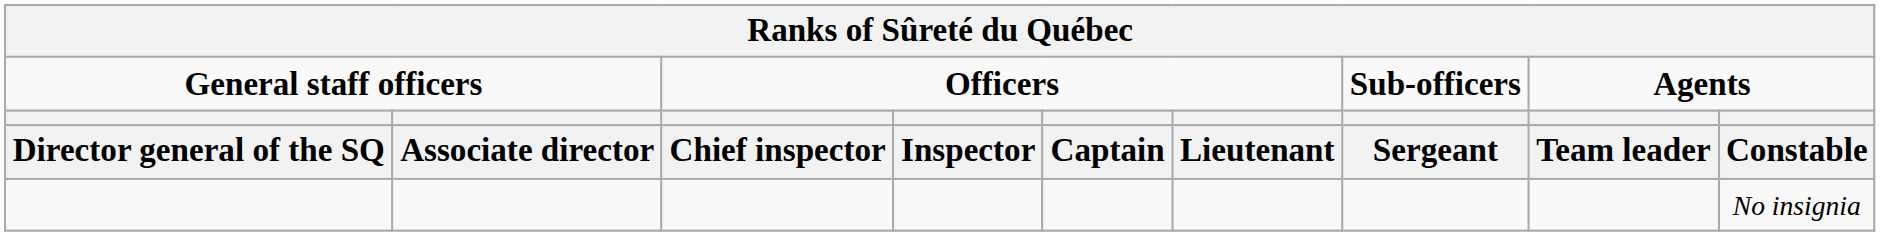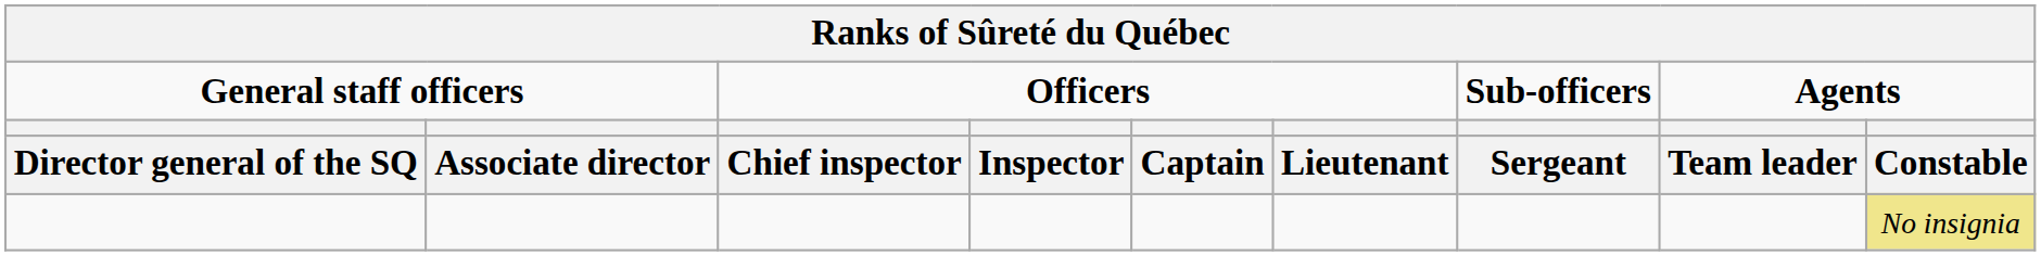 <table class="wikitable">
 <tr>
 <th colspan="9">Ranks of Sûreté du Québec</th>
 </tr>
 <tr>
 <td colspan=2 style="text-align:center;"><strong>General staff officers</strong></td>
 <td colspan=4 style="text-align:center;"><strong>Officers</strong></td>
 <td><strong>Sub-officers</strong></td>
 <td colspan=2 style="text-align:center;"><strong> Agents</strong></td>
 </tr>
 <tr>
 <th><em></em></th>
 <th><em></em></th>
 <th><em></em></th>
 <th><em></em></th>
 <th><em></em></th>
 <th><em></em></th>
 <th><em></em></th>
 <th><em></em></th>
 <th><em></em></th>
 </tr>
 <tr>
 <th>Director general of the SQ</th>
 <th>Associate director</th>
 <th>Chief inspector</th>
 <th>Inspector</th>
 <th>Captain</th>
 <th>Lieutenant</th>
 <th>Sergeant</th>
 <th>Team leader</th>
 <th>Constable</th>
 </tr>
 <tr style="text-align:center;">
 <td></td>
 <td></td>
 <td></td>
 <td></td>
 <td></td>
 <td></td>
 <td></td>
 <td></td>
-<td><small><em>No insignia</em></small></td>
+<td style="background: khaki;"><small><em>No insignia</em></small></td>
 </tr>
 </table>
